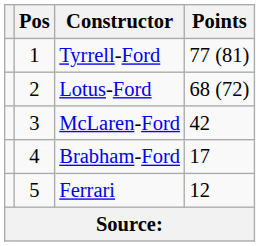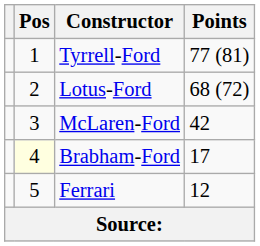 <table class="wikitable" style="font-size: 95%;">
 <tr>
 <th></th>
 <th>Pos</th>
 <th>Constructor</th>
 <th>Points</th>
 </tr>
 <tr>
 <td align="left"></td>
 <td align="center">1</td>
 <td> <a href='#'>Tyrrell</a>-<a href='#'>Ford</a></td>
 <td align="left">77 (81)</td>
 </tr>
 <tr>
 <td align="left"></td>
 <td align="center">2</td>
 <td> <a href='#'>Lotus</a>-<a href='#'>Ford</a></td>
 <td align="left">68 (72)</td>
 </tr>
 <tr>
 <td align="left"></td>
 <td align="center">3</td>
 <td> <a href='#'>McLaren</a>-<a href='#'>Ford</a></td>
 <td align="left">42</td>
 </tr>
 <tr>
 <td align="left"></td>
-<td align="center">4</td>
+<td align="center" style="background: lightyellow;">4</td>
 <td> <a href='#'>Brabham</a>-<a href='#'>Ford</a></td>
 <td align="left">17</td>
 </tr>
 <tr>
 <td align="left"></td>
 <td align="center">5</td>
 <td> <a href='#'>Ferrari</a></td>
 <td align="left">12</td>
 </tr>
 <tr>
 <th colspan=4>Source: </th>
 </tr>
 </table>
